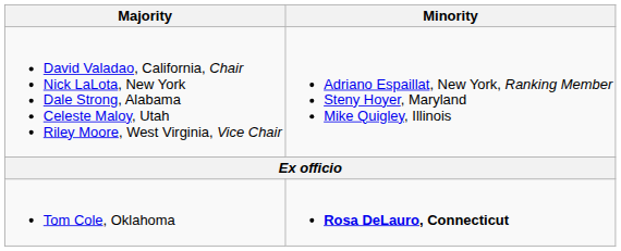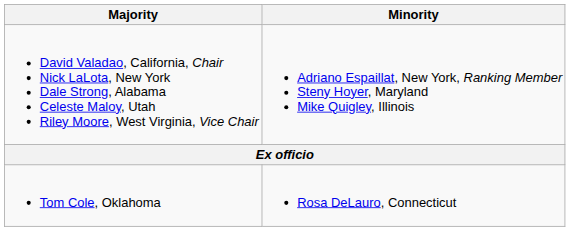 <table class=wikitable>
 <tr>
 <th>Majority</th>
 <th>Minority</th>
 </tr>
 <tr>
 <td><br><ul><li><a href='#'>David Valadao</a>, California, <em>Chair</em></li><li><a href='#'>Nick LaLota</a>, New York</li><li><a href='#'>Dale Strong</a>, Alabama</li><li><a href='#'>Celeste Maloy</a>, Utah</li><li><a href='#'>Riley Moore</a>, West Virginia, <em>Vice Chair</em></li></ul></td>
 <td><br><ul><li><a href='#'>Adriano Espaillat</a>, New York, <em>Ranking Member</em></li><li><a href='#'>Steny Hoyer</a>, Maryland</li><li><a href='#'>Mike Quigley</a>, Illinois</li></ul></td>
 </tr>
 <tr>
 <th colspan=2><em>Ex officio</em></th>
 </tr>
 <tr>
 <td><br><ul><li><a href='#'>Tom Cole</a>, Oklahoma</li></ul></td>
-<td><strong><br><ul><li><a href='#'>Rosa DeLauro</a>, Connecticut</li></ul></strong></td>
+<td><br><ul><li><a href='#'>Rosa DeLauro</a>, Connecticut</li></ul></td>
 </tr>
 </table>
